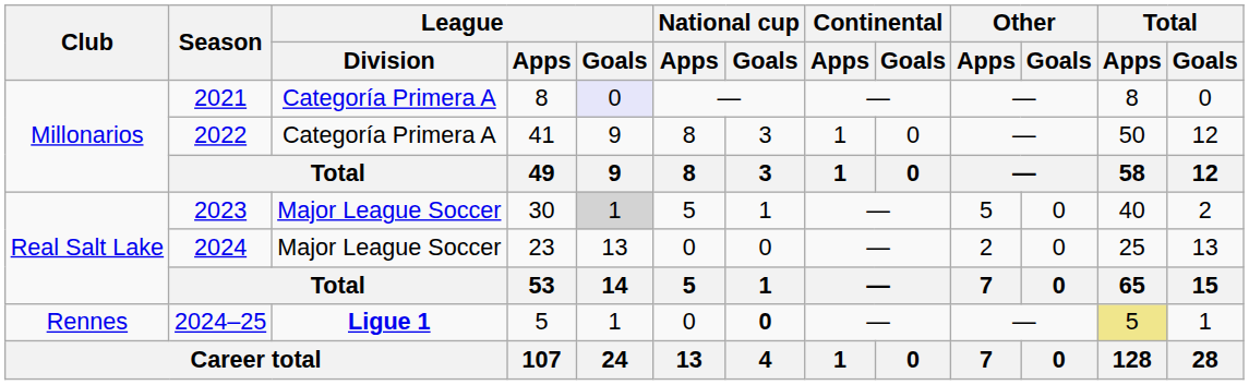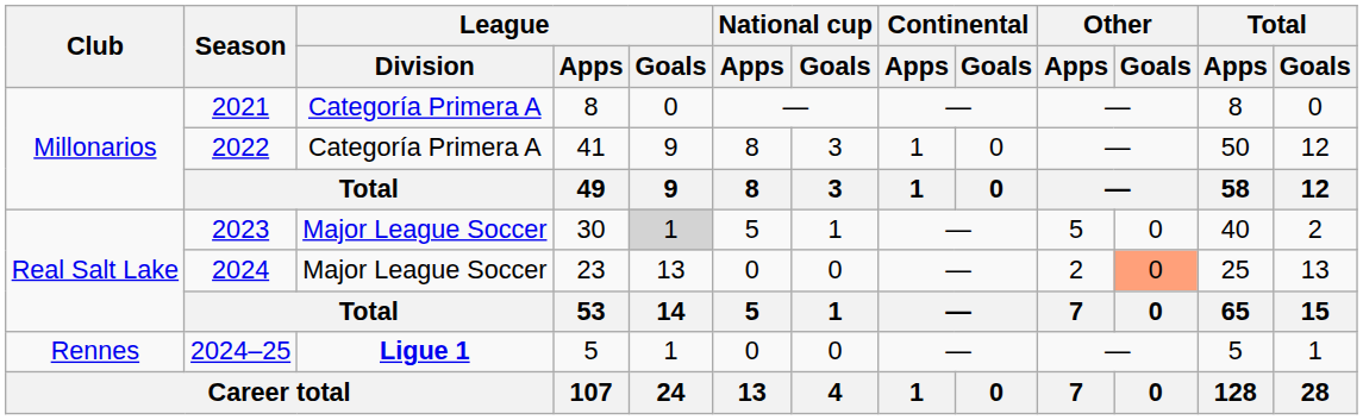 <table class="wikitable" style="text-align: center;">
 <tr>
 <th rowspan="2">Club</th>
 <th rowspan="2">Season</th>
 <th colspan="3">League</th>
 <th colspan="2">National cup</th>
 <th colspan="2">Continental</th>
 <th colspan="2">Other</th>
 <th colspan="2">Total</th>
 </tr>
 <tr>
 <th>Division</th>
 <th>Apps</th>
 <th>Goals</th>
 <th>Apps</th>
 <th>Goals</th>
 <th>Apps</th>
 <th>Goals</th>
 <th>Apps</th>
 <th>Goals</th>
 <th>Apps</th>
 <th>Goals</th>
 </tr>
 <tr>
 <td rowspan="3"><a href='#'>Millonarios</a></td>
 <td><a href='#'>2021</a></td>
 <td><a href='#'>Categoría Primera A</a></td>
 <td>8</td>
-<td style="background: lavender;">0</td>
+<td>0</td>
 <td colspan="2">—</td>
 <td colspan="2">—</td>
 <td colspan="2">—</td>
 <td>8</td>
 <td>0</td>
 </tr>
 <tr>
 <td><a href='#'>2022</a></td>
 <td>Categoría Primera A</td>
 <td>41</td>
 <td>9</td>
 <td>8</td>
 <td>3</td>
 <td>1</td>
 <td>0</td>
 <td colspan="2">—</td>
 <td>50</td>
 <td>12</td>
 </tr>
 <tr>
 <th colspan="2">Total</th>
 <th>49</th>
 <th>9</th>
 <th>8</th>
 <th>3</th>
 <th>1</th>
 <th>0</th>
 <th colspan="2">—</th>
 <th>58</th>
 <th>12</th>
 </tr>
 <tr>
 <td rowspan="3"><a href='#'>Real Salt Lake</a></td>
 <td><a href='#'>2023</a></td>
 <td><a href='#'>Major League Soccer</a></td>
 <td>30</td>
 <td style="background: lightgrey;">1</td>
 <td>5</td>
 <td>1</td>
 <td colspan="2">—</td>
 <td>5</td>
 <td>0</td>
 <td>40</td>
 <td>2</td>
 </tr>
 <tr>
 <td><a href='#'>2024</a></td>
 <td>Major League Soccer</td>
 <td>23</td>
 <td>13</td>
 <td>0</td>
 <td>0</td>
 <td colspan="2">—</td>
 <td>2</td>
-<td>0</td>
+<td style="background: lightsalmon;">0</td>
 <td>25</td>
 <td>13</td>
 </tr>
 <tr>
 <th colspan="2">Total</th>
 <th>53</th>
 <th>14</th>
 <th>5</th>
 <th>1</th>
 <th colspan="2">—</th>
 <th>7</th>
 <th>0</th>
 <th>65</th>
 <th>15</th>
 </tr>
 <tr>
 <td><a href='#'>Rennes</a></td>
 <td><a href='#'>2024–25</a></td>
 <td><strong><a href='#'>Ligue 1</a></strong></td>
 <td>5</td>
 <td>1</td>
 <td>0</td>
-<td><strong>0</strong></td>
+<td>0</td>
 <td colspan="2">—</td>
 <td colspan="2">—</td>
-<td style="background: khaki;">5</td>
+<td>5</td>
 <td>1</td>
 </tr>
 <tr>
 <th colspan="3">Career total</th>
 <th>107</th>
 <th>24</th>
 <th>13</th>
 <th>4</th>
 <th>1</th>
 <th>0</th>
 <th>7</th>
 <th>0</th>
 <th>128</th>
 <th>28</th>
 </tr>
 </table>
